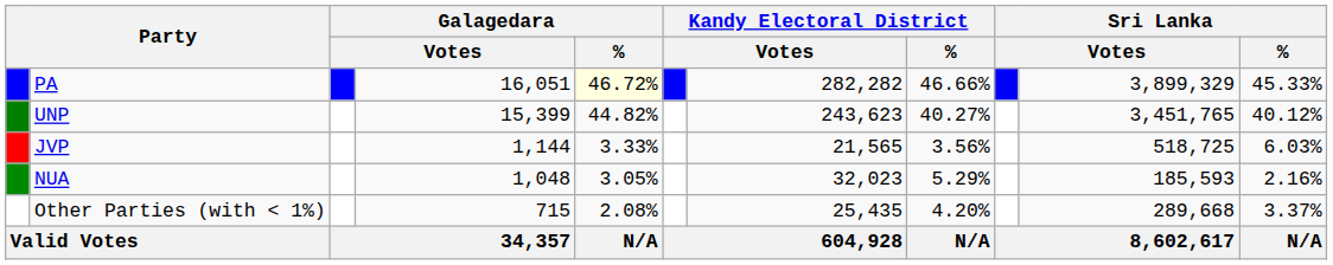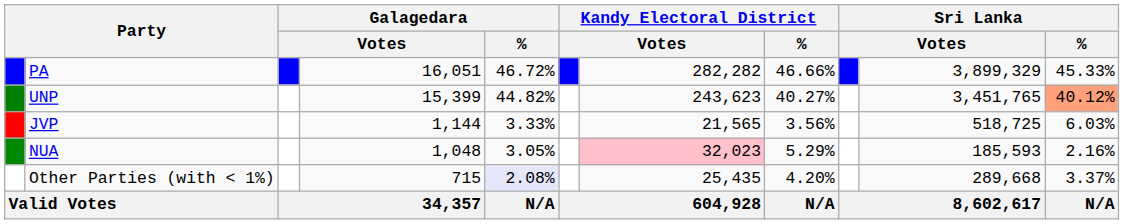 <table class="wikitable">
 <tr>
 <th colspan="2" width="144px"rowspan="2">Party</th>
 <th colspan="3" width="216px">Galagedara</th>
 <th colspan="3" width="216px"><a href='#'>Kandy Electoral District</a></th>
 <th colspan="3" width="216px">Sri Lanka</th>
 </tr>
 <tr>
 <th colspan="2" width="144px">Votes</th>
 <th>%</th>
 <th colspan="2" width="144px">Votes</th>
 <th>%</th>
 <th colspan="2" width="144px">Votes</th>
 <th>%</th>
 </tr>
 <tr>
 <td style="background-color:blue;" width="10px"></td>
 <td style="text-align:left;"><a href='#'>PA</a></td>
 <td style="background-color:blue;" width="10px"></td>
 <td style="text-align:right;">16,051</td>
-<td style="background: lightyellow; text-align:right;">46.72%</td>
+<td style="text-align:right;">46.72%</td>
 <td style="background-color:blue;" width="10px"></td>
 <td style="text-align:right;">282,282</td>
 <td style="text-align:right;">46.66%</td>
 <td style="background-color:blue;" width="10px"></td>
 <td style="text-align:right;">3,899,329</td>
 <td style="text-align:right;">45.33%</td>
 </tr>
 <tr>
 <td style="background-color:green;" width="10px"></td>
 <td style="text-align:left;"><a href='#'>UNP</a></td>
 <td style="background-color:white;" width="10px"></td>
 <td style="text-align:right;">15,399</td>
 <td style="text-align:right;">44.82%</td>
 <td style="background-color:white;" width="10px"></td>
 <td style="text-align:right;">243,623</td>
 <td style="text-align:right;">40.27%</td>
 <td style="background-color:white;" width="10px"></td>
 <td style="text-align:right;">3,451,765</td>
-<td style="text-align:right;">40.12%</td>
+<td style="background: lightsalmon; text-align:right;">40.12%</td>
 </tr>
 <tr>
 <td style="background-color:red;" width="10px"></td>
 <td style="text-align:left;"><a href='#'>JVP</a></td>
 <td style="background-color:white;" width="10px"></td>
 <td style="text-align:right;">1,144</td>
 <td style="text-align:right;">3.33%</td>
 <td style="background-color:white;" width="10px"></td>
 <td style="text-align:right;">21,565</td>
 <td style="text-align:right;">3.56%</td>
 <td style="background-color:white;" width="10px"></td>
 <td style="text-align:right;">518,725</td>
 <td style="text-align:right;">6.03%</td>
 </tr>
 <tr>
 <td style="background-color:#008800;" width="10px"></td>
 <td style="text-align:left;"><a href='#'>NUA</a></td>
 <td style="background-color:white;" width="10px"></td>
 <td style="text-align:right;">1,048</td>
 <td style="text-align:right;">3.05%</td>
 <td style="background-color:white;" width="10px"></td>
-<td style="text-align:right;">32,023</td>
+<td style="background: pink; text-align:right;">32,023</td>
 <td style="text-align:right;">5.29%</td>
 <td style="background-color:white;" width="10px"></td>
 <td style="text-align:right;">185,593</td>
 <td style="text-align:right;">2.16%</td>
 </tr>
 <tr>
 <td style="background-color:white;" width="10px"></td>
 <td style="text-align:left;">Other Parties (with < 1%)</td>
 <td style="background-color:white;" width="10px"></td>
 <td style="text-align:right;">715</td>
-<td style="text-align:right;">2.08%</td>
+<td style="background: lavender; text-align:right;">2.08%</td>
 <td style="background-color:white;" width="10px"></td>
 <td style="text-align:right;">25,435</td>
 <td style="text-align:right;">4.20%</td>
 <td style="background-color:white;" width="10px"></td>
 <td style="text-align:right;">289,668</td>
 <td style="text-align:right;">3.37%</td>
 </tr>
 <tr>
 <th colspan="2" width="144px"style="text-align:left;">Valid Votes</th>
 <th style="text-align:right;"colspan="2" width="144px">34,357</th>
 <th style="text-align:right;">N/A</th>
 <th style="text-align:right;"colspan="2" width="144px">604,928</th>
 <th style="text-align:right;">N/A</th>
 <th style="text-align:right;"colspan="2" width="144px">8,602,617</th>
 <th style="text-align:right;">N/A</th>
 </tr>
 </table>
